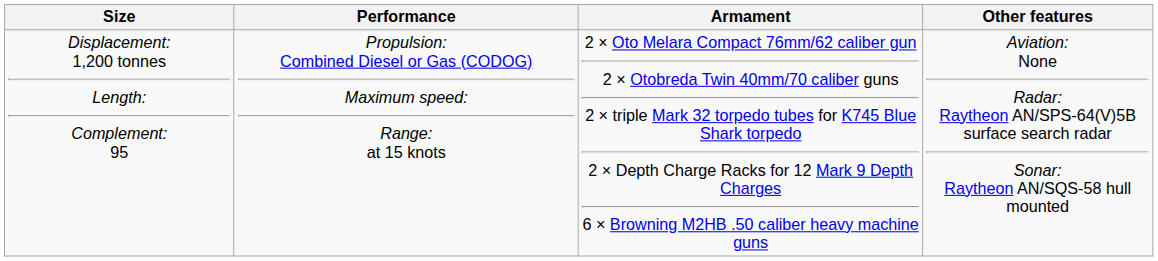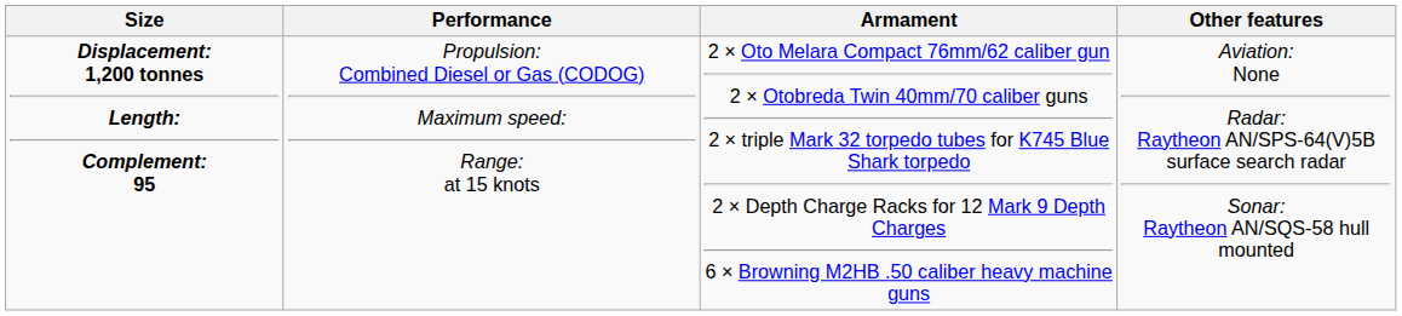 <table class="wikitable"  style="width:90%; text-align:center;">
 <tr style="background:lavender;">
 <th>Size</th>
 <th>Performance</th>
 <th>Armament</th>
 <th>Other features</th>
 </tr>
 <tr>
-<td style="vertical-align:top; width:20%;"><em>Displacement:</em><br>1,200 tonnes <hr><em>Length:</em><br> <hr><em>Complement:</em><br>95</td>
+<td style="vertical-align:top; width:20%;"><strong><em>Displacement:</em><br>1,200 tonnes <hr><em>Length:</em><br> <hr><em>Complement:</em><br>95</strong></td>
 <td style="vertical-align:top; width:30%;"><em>Propulsion:</em><br><a href='#'>Combined Diesel or Gas (CODOG)</a> <hr><em>Maximum speed:</em><br> <hr><em>Range:</em><br> at 15 knots</td>
 <td style="vertical-align:top; width:30%;">2 × <a href='#'>Oto Melara Compact 76mm/62 caliber gun</a> <hr>2 × <a href='#'>Otobreda Twin 40mm/70 caliber</a> guns <hr>2 × triple <a href='#'>Mark 32 torpedo tubes</a> for <a href='#'>K745 Blue Shark torpedo</a> <hr>2 × Depth Charge Racks for 12 <a href='#'>Mark 9 Depth Charges</a> <hr>6 × <a href='#'>Browning M2HB .50 caliber heavy machine guns</a></td>
 <td style="vertical-align:top; width:20%;"><em>Aviation:</em><br>None <hr><em>Radar:</em><br><a href='#'>Raytheon</a> AN/SPS-64(V)5B surface search radar <hr><em>Sonar:</em><br><a href='#'>Raytheon</a> AN/SQS-58 hull mounted</td>
 </tr>
 </table>
